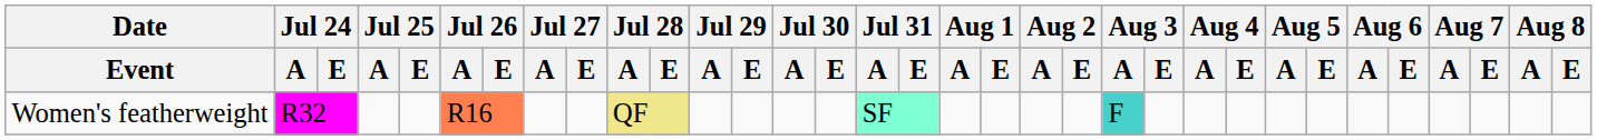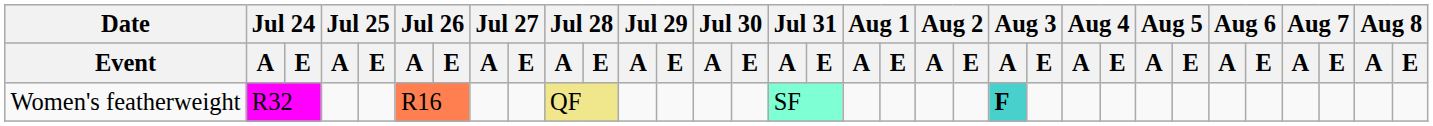 <table class="wikitable olympic-schedule Boxing">
 <tr>
 <th>Date</th>
 <th colspan="2">Jul 24</th>
 <th colspan="2">Jul 25</th>
 <th colspan="2">Jul 26</th>
 <th colspan="2">Jul 27</th>
 <th colspan="2">Jul 28</th>
 <th colspan="2">Jul 29</th>
 <th colspan="2">Jul 30</th>
 <th colspan="2">Jul 31</th>
 <th colspan="2">Aug 1</th>
 <th colspan="2">Aug 2</th>
 <th colspan="2">Aug 3</th>
 <th colspan="2">Aug 4</th>
 <th colspan="2">Aug 5</th>
 <th colspan="2">Aug 6</th>
 <th colspan="2">Aug 7</th>
 <th colspan="2">Aug 8</th>
 </tr>
 <tr>
 <th>Event</th>
 <th>A</th>
 <th>E</th>
 <th>A</th>
 <th>E</th>
 <th>A</th>
 <th>E</th>
 <th>A</th>
 <th>E</th>
 <th>A</th>
 <th>E</th>
 <th>A</th>
 <th>E</th>
 <th>A</th>
 <th>E</th>
 <th>A</th>
 <th>E</th>
 <th>A</th>
 <th>E</th>
 <th>A</th>
 <th>E</th>
 <th>A</th>
 <th>E</th>
 <th>A</th>
 <th>E</th>
 <th>A</th>
 <th>E</th>
 <th>A</th>
 <th>E</th>
 <th>A</th>
 <th>E</th>
 <th>A</th>
 <th>E</th>
 </tr>
 <tr>
 <td class="event">Women's featherweight</td>
 <td colspan="2" bgcolor="#FF00FF" class="roundof32">R32</td>
 <td></td>
 <td></td>
 <td colspan="2" bgcolor="#FF7F50" class="roundof16">R16</td>
 <td></td>
 <td></td>
 <td colspan="2" bgcolor="#F0E68C" class="quarterfinals">QF</td>
 <td></td>
 <td></td>
 <td></td>
 <td></td>
 <td colspan="2" bgcolor="#7FFFD4" class="semifinals">SF</td>
 <td></td>
 <td></td>
 <td></td>
 <td></td>
-<td bgcolor="#48D1CC" class="final">F</td>
+<td bgcolor="#48D1CC" class="final"><strong>F</strong></td>
 <td></td>
 <td></td>
 <td></td>
 <td></td>
 <td></td>
 <td></td>
 <td></td>
 <td></td>
 <td></td>
 <td></td>
 <td></td>
 </tr>
 </table>
